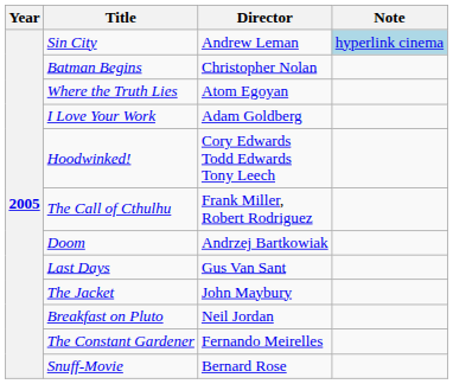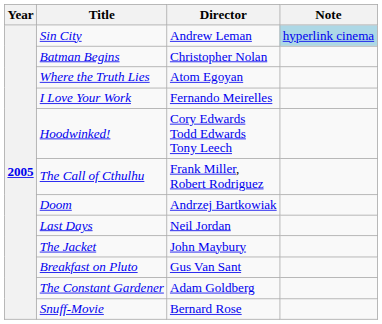 <table class="wikitable">
 <tr>
 <th>Year</th>
 <th>Title</th>
 <th>Director</th>
 <th>Note</th>
 </tr>
 <tr>
 <th rowspan="12"><a href='#'>2005</a></th>
 <td><em><a href='#'>Sin City</a></em></td>
 <td><a href='#'>Andrew Leman</a></td>
 <td style="background: lightblue;"><a href='#'>hyperlink cinema</a></td>
 </tr>
 <tr>
 <td><em><a href='#'>Batman Begins</a></em></td>
 <td><a href='#'>Christopher Nolan</a></td>
 <td></td>
 </tr>
 <tr>
 <td><em><a href='#'>Where the Truth Lies</a></em></td>
 <td><a href='#'>Atom Egoyan</a></td>
 <td></td>
 </tr>
 <tr>
 <td><em><a href='#'>I Love Your Work</a></em></td>
-<td><a href='#'>Adam Goldberg</a></td>
+<td><a href='#'>Fernando Meirelles</a></td>
 <td></td>
 </tr>
 <tr>
 <td><em><a href='#'>Hoodwinked!</a></em></td>
 <td><a href='#'>Cory Edwards</a><br><a href='#'>Todd Edwards</a><br><a href='#'>Tony Leech</a></td>
 <td></td>
 </tr>
 <tr>
 <td><em><a href='#'>The Call of Cthulhu</a></em></td>
 <td><a href='#'>Frank Miller</a>,<br><a href='#'>Robert Rodriguez</a></td>
 <td></td>
 </tr>
 <tr>
 <td><em><a href='#'>Doom</a></em></td>
 <td><a href='#'>Andrzej Bartkowiak</a></td>
 <td></td>
 </tr>
 <tr>
 <td><em><a href='#'>Last Days</a></em></td>
-<td><a href='#'>Gus Van Sant</a></td>
+<td><a href='#'>Neil Jordan</a></td>
 <td></td>
 </tr>
 <tr>
 <td><em><a href='#'>The Jacket</a></em></td>
 <td><a href='#'>John Maybury</a></td>
 <td></td>
 </tr>
 <tr>
 <td><em><a href='#'>Breakfast on Pluto</a></em></td>
-<td><a href='#'>Neil Jordan</a></td>
+<td><a href='#'>Gus Van Sant</a></td>
 <td></td>
 </tr>
 <tr>
 <td><em><a href='#'>The Constant Gardener</a></em></td>
-<td><a href='#'>Fernando Meirelles</a></td>
+<td><a href='#'>Adam Goldberg</a></td>
 <td></td>
 </tr>
 <tr>
 <td><em><a href='#'>Snuff-Movie</a></em></td>
 <td><a href='#'>Bernard Rose</a></td>
 <td></td>
 </tr>
 </table>
